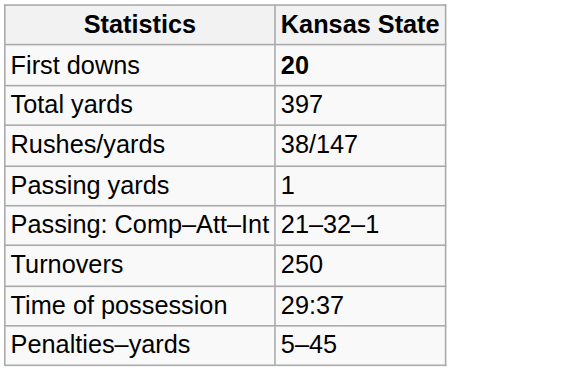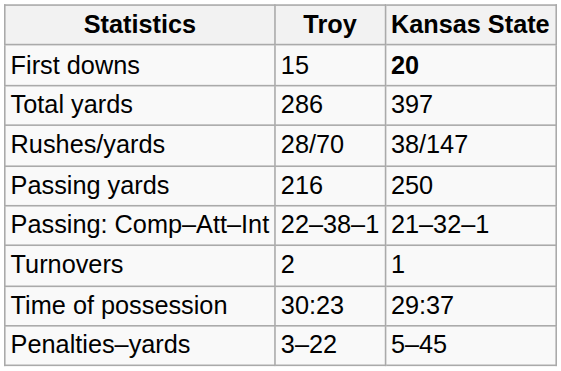 <table class="wikitable" style="float: left;">
 <tr>
 <th>Statistics</th>
+<th>Troy</th>
 <th>Kansas State</th>
 </tr>
 <tr>
 <td>First downs</td>
+<td>15</td>
 <td><strong>20</strong></td>
 </tr>
 <tr>
 <td>Total yards</td>
+<td>286</td>
 <td>397</td>
 </tr>
 <tr>
 <td>Rushes/yards</td>
+<td>28/70</td>
 <td>38/147</td>
 </tr>
 <tr>
 <td>Passing yards</td>
-<td>1</td>
+<td>216</td>
+<td>250</td>
 </tr>
 <tr>
 <td>Passing: Comp–Att–Int</td>
+<td>22–38–1</td>
 <td>21–32–1</td>
 </tr>
 <tr>
 <td>Turnovers</td>
-<td>250</td>
+<td>2</td>
+<td>1</td>
 </tr>
 <tr>
 <td>Time of possession</td>
+<td>30:23</td>
 <td>29:37</td>
 </tr>
 <tr>
 <td>Penalties–yards</td>
+<td>3–22</td>
 <td>5–45</td>
 </tr>
 </table>
